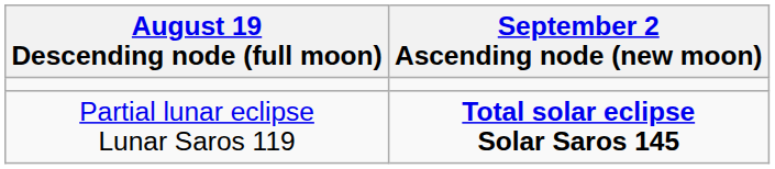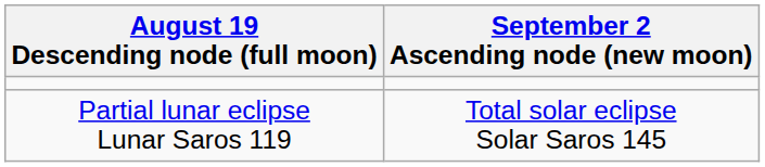 <table class="wikitable">
 <tr>
 <th><a href='#'>August 19</a><br>Descending node (full moon)<br></th>
 <th><a href='#'>September 2</a><br>Ascending node (new moon)<br></th>
 </tr>
 <tr>
 <td></td>
 <td></td>
 </tr>
 <tr align=center>
 <td><a href='#'>Partial lunar eclipse</a><br>Lunar Saros 119</td>
-<td><strong><a href='#'>Total solar eclipse</a><br>Solar Saros 145</strong></td>
+<td><a href='#'>Total solar eclipse</a><br>Solar Saros 145</td>
 </tr>
 </table>
